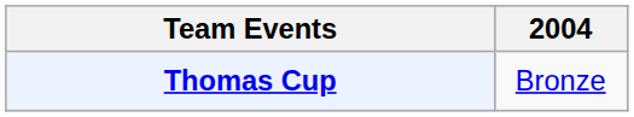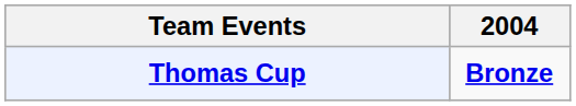 <table class="wikitable" style="font-size: 90%; text-align:center">
 <tr>
 <th width=180>Team Events</th>
 <th>2004</th>
 </tr>
 <tr style="height: 30px;">
 <td bgcolor=ECF2FF style="width: 240px;align=left"><strong><a href='#'>Thomas Cup</a></strong></td>
-<td style="width: 60px"> <a href='#'>Bronze</a></td>
+<td style="width: 60px"><strong> <a href='#'>Bronze</a></strong></td>
 </tr>
 </table>
